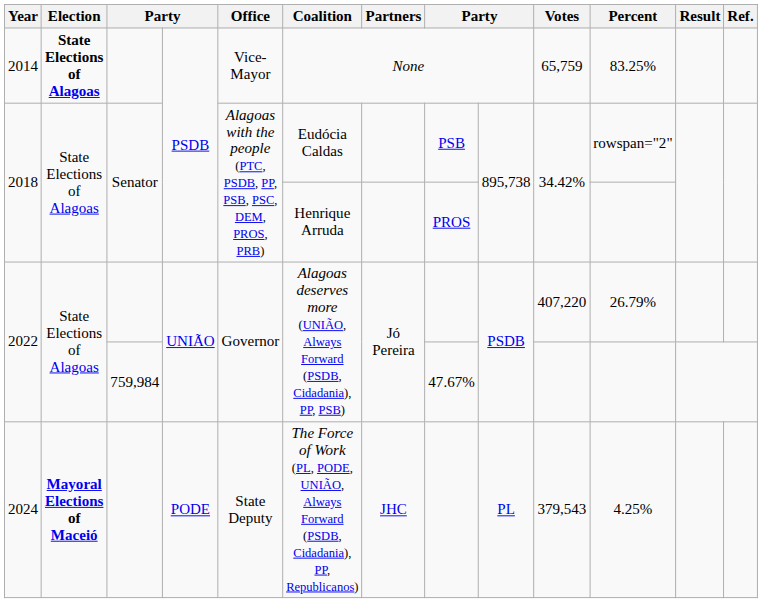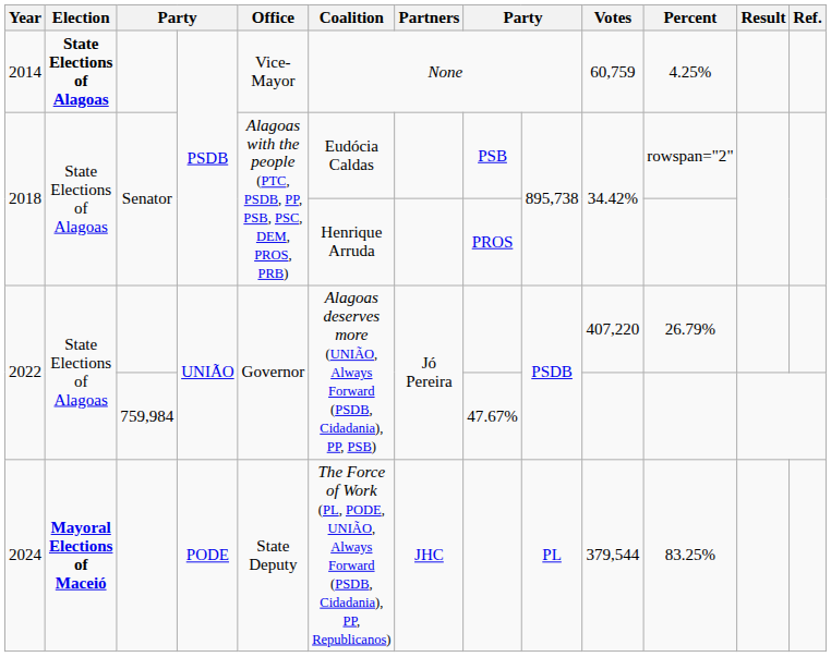 <table class="wikitable" style="text-align:center">
 <tr>
 <th>Year</th>
 <th>Election</th>
 <th colspan="2">Party</th>
 <th>Office</th>
 <th>Coalition</th>
 <th>Partners</th>
 <th colspan="2">Party</th>
 <th>Votes</th>
 <th>Percent</th>
 <th>Result</th>
 <th>Ref.</th>
 </tr>
 <tr>
 <td>2014</td>
 <td><strong>State Elections of <a href='#'>Alagoas</a></strong></td>
 <td style="background-color:"></td>
 <td rowspan="3"><a href='#'>PSDB</a></td>
 <td>Vice-Mayor</td>
 <td colspan="4"><em>None</em></td>
-<td>65,759</td>
-<td>83.25%</td>
+<td>60,759</td>
+<td>4.25%</td>
 <td></td>
 <td></td>
 </tr>
 <tr>
 <td rowspan="2">2018</td>
 <td rowspan="2">State Elections of <a href='#'>Alagoas</a></td>
 <td rowspan="2">Senator</td>
 <td rowspan="2"><em>Alagoas with the people</em><br><small>(<a href='#'>PTC</a>, <a href='#'>PSDB</a>, <a href='#'>PP</a>, <a href='#'>PSB</a>, <a href='#'>PSC</a>, <a href='#'>DEM</a>, <a href='#'>PROS</a>, <a href='#'>PRB</a>)</small></td>
 <td>Eudócia Caldas</td>
 <td style="background-color:"></td>
 <td><a href='#'>PSB</a></td>
 <td rowspan="2">895,738</td>
 <td rowspan="2">34.42%</td>
 <td>rowspan="2"  </td>
 <td rowspan="2"></td>
 </tr>
 <tr>
 <td>Henrique Arruda</td>
 <td style="background-color:"></td>
 <td><a href='#'>PROS</a></td>
 </tr>
 <tr>
 <td rowspan="2">2022</td>
 <td rowspan="2">State Elections of <a href='#'>Alagoas</a></td>
 <td style="background-color:"></td>
 <td rowspan="2"><a href='#'>UNIÃO</a></td>
 <td rowspan="2">Governor</td>
 <td rowspan="2"><em>Alagoas deserves more</em><br><small>(<a href='#'>UNIÃO</a>, <a href='#'>Always Forward</a> (<a href='#'>PSDB</a>, <a href='#'>Cidadania</a>), <a href='#'>PP</a>, <a href='#'>PSB</a>)</small></td>
 <td rowspan="2">Jó Pereira</td>
 <td style="background-color:"></td>
 <td rowspan="2"><a href='#'>PSDB</a></td>
 <td>407,220</td>
 <td>26.79%</td>
 <td></td>
 <td></td>
 </tr>
 <tr>
 <td>759,984</td>
 <td>47.67%</td>
 <td></td>
 <td></td>
 </tr>
 <tr>
 <td>2024</td>
 <td><strong><a href='#'>Mayoral Elections</a> of <a href='#'>Maceió</a></strong></td>
 <td style="background-color:"></td>
 <td><a href='#'>PODE</a></td>
 <td>State Deputy</td>
 <td><em>The Force of Work</em><br><small>(<a href='#'>PL</a>, <a href='#'>PODE</a>, <a href='#'>UNIÃO</a>, <a href='#'>Always Forward</a> (<a href='#'>PSDB</a>, <a href='#'>Cidadania</a>), <a href='#'>PP</a>, <a href='#'>Republicanos</a>)</small></td>
 <td><a href='#'>JHC</a></td>
 <td style="background-color:"></td>
 <td><a href='#'>PL</a></td>
-<td>379,543</td>
-<td>4.25%</td>
+<td>379,544</td>
+<td>83.25%</td>
 <td></td>
 <td></td>
 </tr>
 </table>
